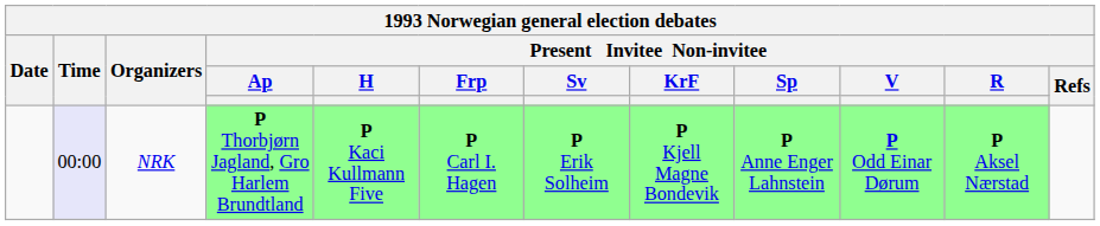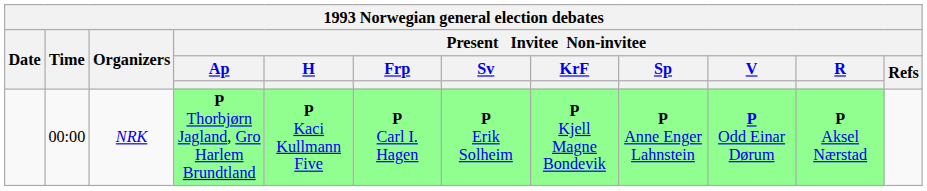 <table class="wikitable" style="font-size:85%; line-height:15px; text-align:center;">
 <tr>
 <th colspan="12">1993 Norwegian general election debates</th>
 </tr>
 <tr>
 <th rowspan="3">Date</th>
 <th rowspan="3">Time</th>
 <th rowspan="3">Organizers</th>
 <th colspan="9"> Present    Invitee  Non-invitee </th>
 </tr>
 <tr>
 <th scope="col" style="width:5em;"><a href='#'>Ap</a></th>
 <th scope="col" style="width:5em;"><a href='#'>H</a></th>
 <th scope="col" style="width:5em;"><a href='#'>Frp</a></th>
 <th scope="col" style="width:5em;"><a href='#'>Sv</a></th>
 <th scope="col" style="width:5em;"><a href='#'>KrF</a></th>
 <th scope="col" style="width:5em;"><a href='#'>Sp</a></th>
 <th scope="col" style="width:5em;"><a href='#'>V</a></th>
 <th scope="col" style="width:5em;"><a href='#'>R</a></th>
 <th rowspan="2">Refs</th>
 </tr>
 <tr>
 <th style="background:"></th>
 <th style="background:"></th>
 <th style="background:"></th>
 <th style="background:"></th>
 <th style="background:"></th>
 <th style="background:"></th>
 <th style="background:"></th>
 <th style="background:"></th>
 </tr>
 <tr>
 <td></td>
-<td style="background: lavender;">00:00</td>
+<td>00:00</td>
 <td><em><a href='#'>NRK</a></em></td>
 <td style="background:#90FF90"><strong>P</strong><br><a href='#'>Thorbjørn Jagland</a>, <a href='#'>Gro Harlem Brundtland</a></td>
 <td style="background:#90FF90"><strong>P</strong><br><a href='#'>Kaci Kullmann Five</a></td>
 <td style="background:#90FF90"><strong>P</strong><br><a href='#'>Carl I. Hagen</a></td>
 <td style="background:#90FF90"><strong>P</strong><br><a href='#'>Erik Solheim</a></td>
 <td style="background:#90FF90"><strong>P</strong><br><a href='#'>Kjell Magne Bondevik</a></td>
 <td style="background:#90FF90"><strong>P</strong><br><a href='#'>Anne Enger Lahnstein</a></td>
 <td style="background:#90FF90"><a href='#'><strong>P</strong><br>Odd Einar Dørum</a></td>
 <td style="background:#90FF90"><strong>P</strong><br> <a href='#'>Aksel Nærstad</a></td>
 <td></td>
 </tr>
 </table>
